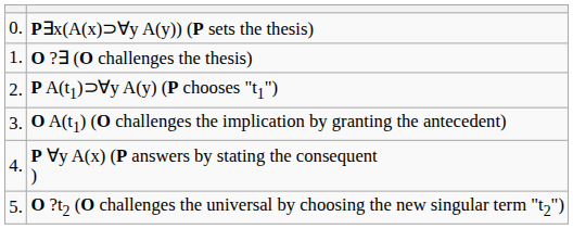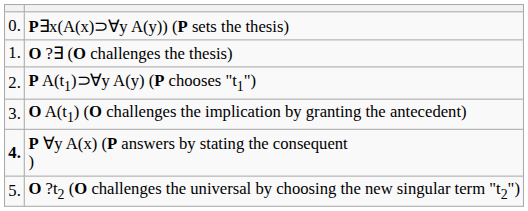 <table class="wikitable">
 <tr>
 <th></th>
 <th></th>
 </tr>
 <tr>
 <td>0.</td>
 <td><strong>P</strong>∃x(A(x)⊃∀y A(y)) (<strong>P</strong> sets the thesis)</td>
 </tr>
 <tr>
 <td>1.</td>
 <td><strong>O</strong> ?∃ (<strong>O</strong> challenges the thesis)</td>
 </tr>
 <tr>
 <td>2.</td>
 <td><strong>P</strong> A(t<sub>1</sub>)⊃∀y A(y) (<strong>P</strong> chooses "t<sub>1</sub>")</td>
 </tr>
 <tr>
 <td>3.</td>
 <td><strong>O</strong> A(t<sub>1</sub>) (<strong>O</strong> challenges the implication by granting the antecedent)</td>
 </tr>
 <tr>
-<td>4.</td>
+<td><strong>4.</strong></td>
 <td><strong>P</strong> ∀y A(x) (<strong>P</strong> answers by stating the consequent<br>)</td>
 </tr>
 <tr>
 <td>5.</td>
 <td><strong>O</strong> ?t<sub>2</sub> (<strong>O</strong> challenges the universal by choosing the new singular term "t<sub>2</sub>")</td>
 </tr>
 </table>
